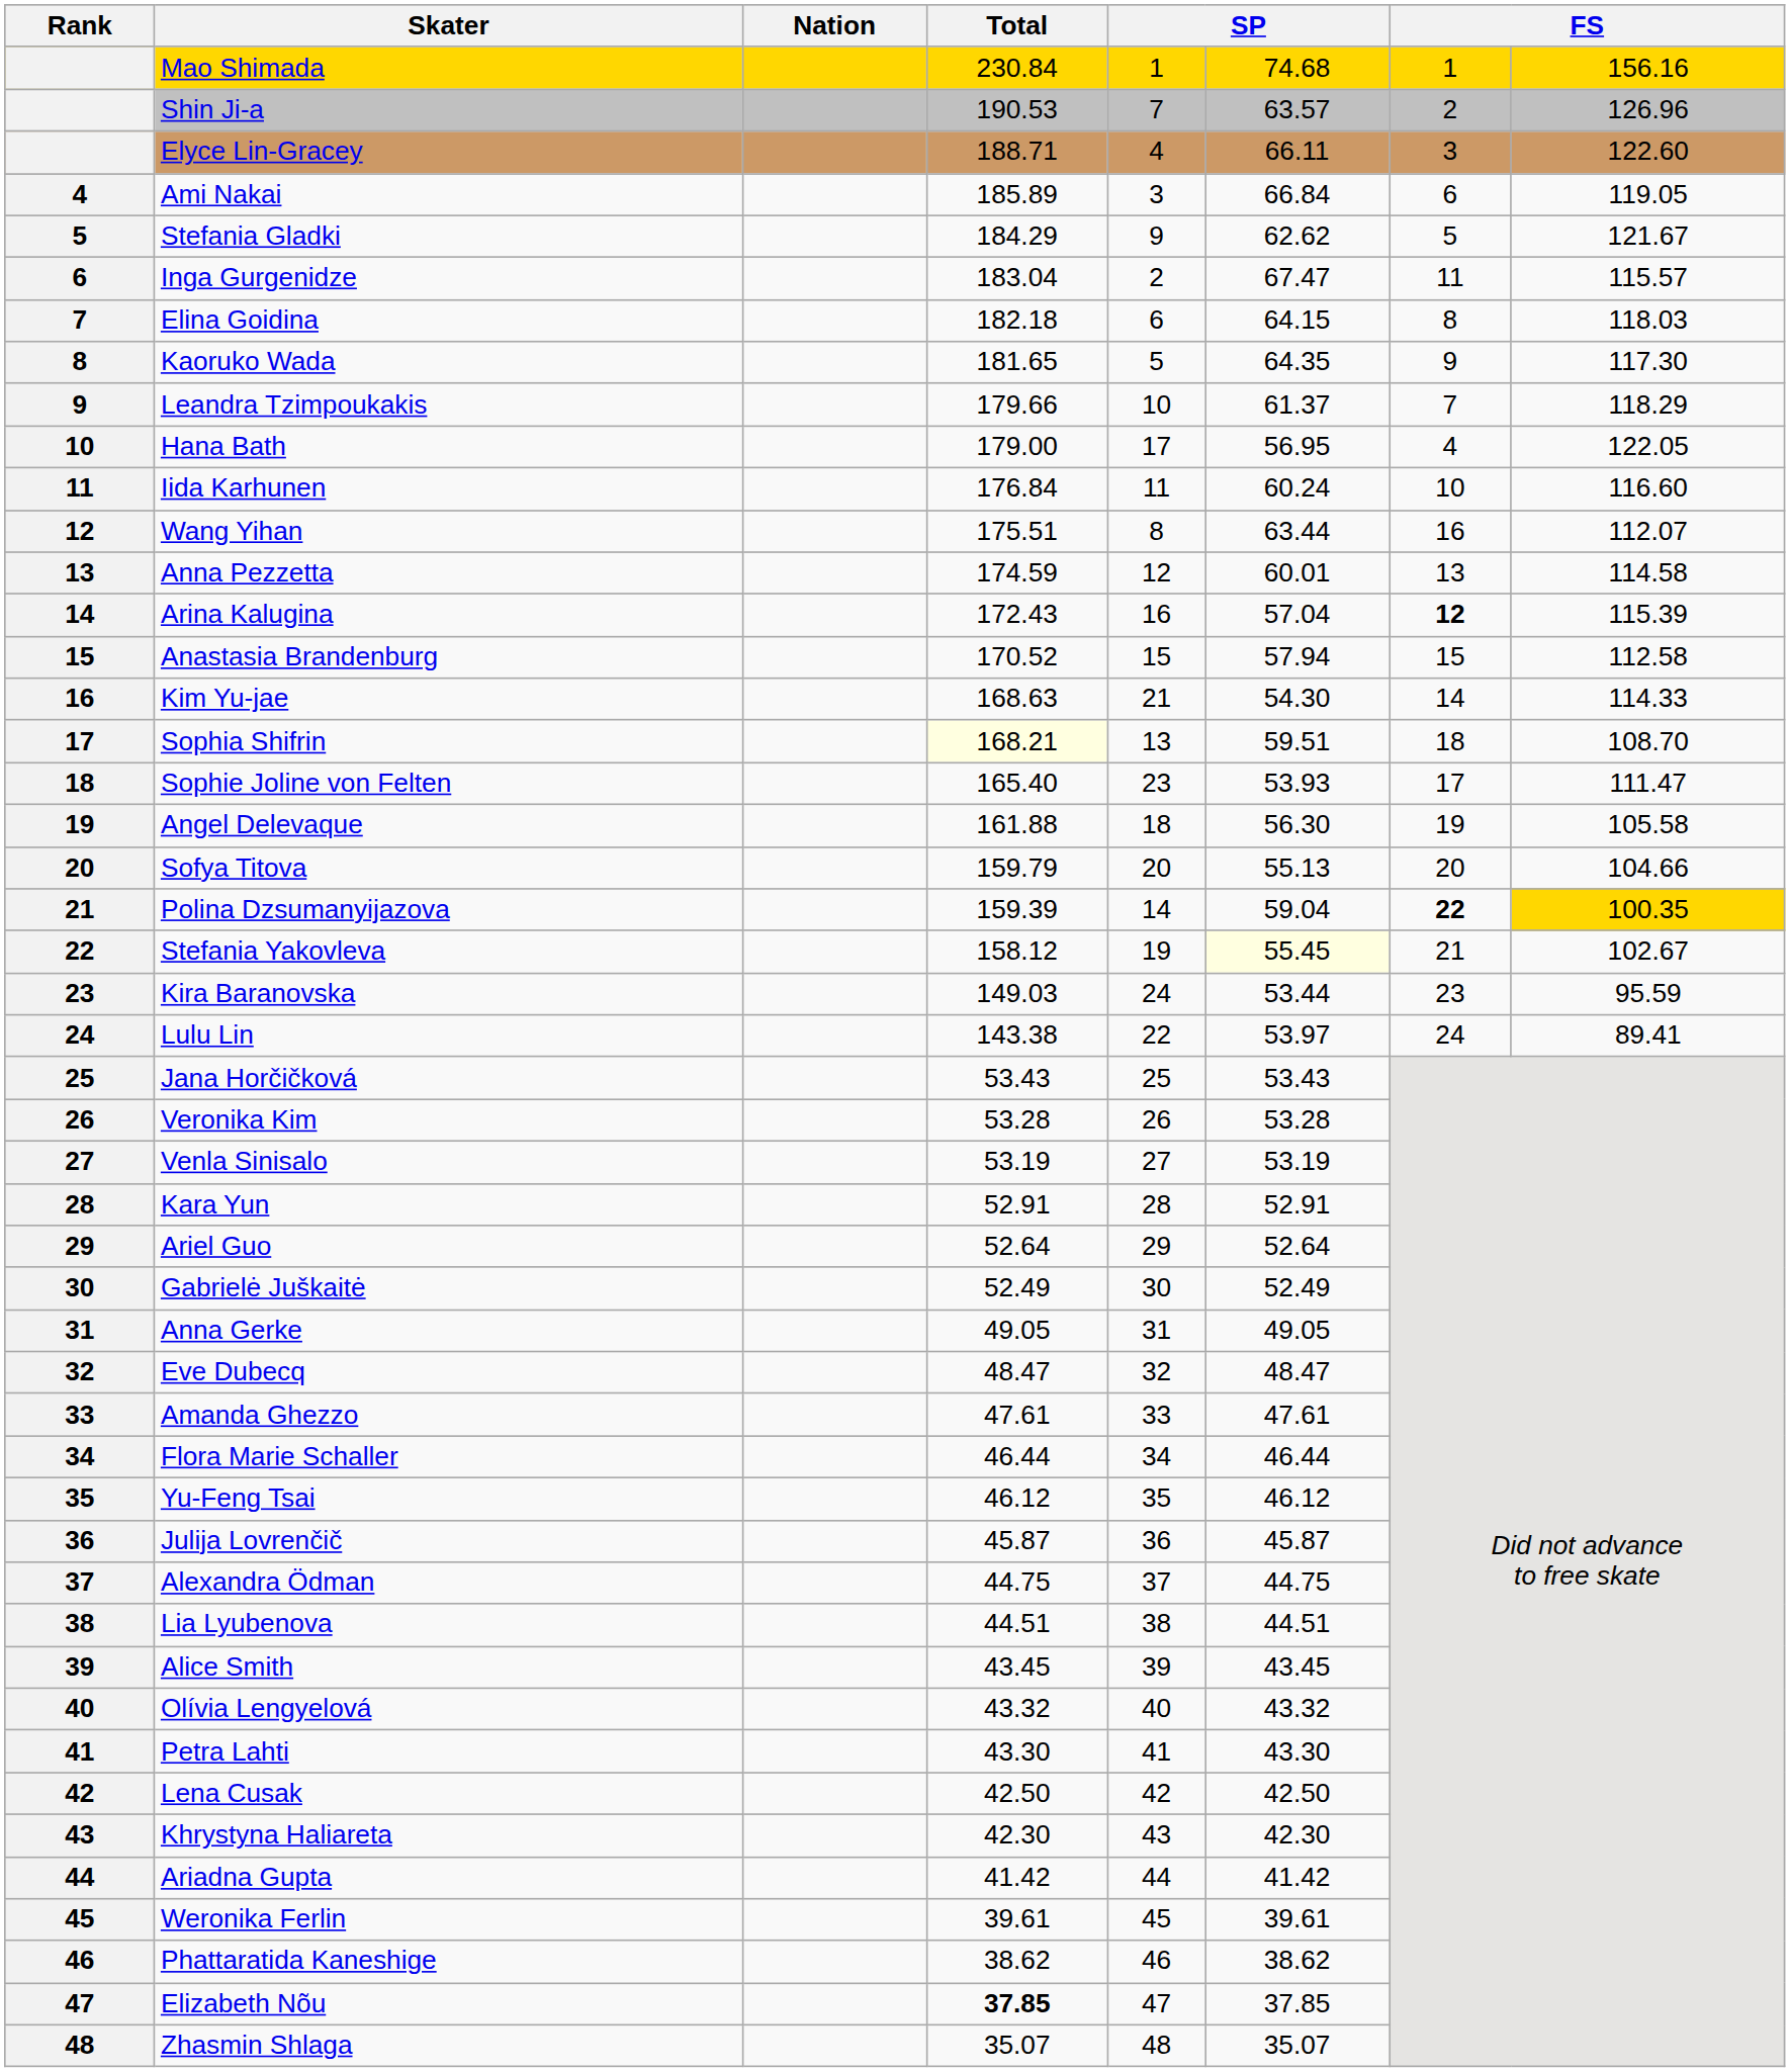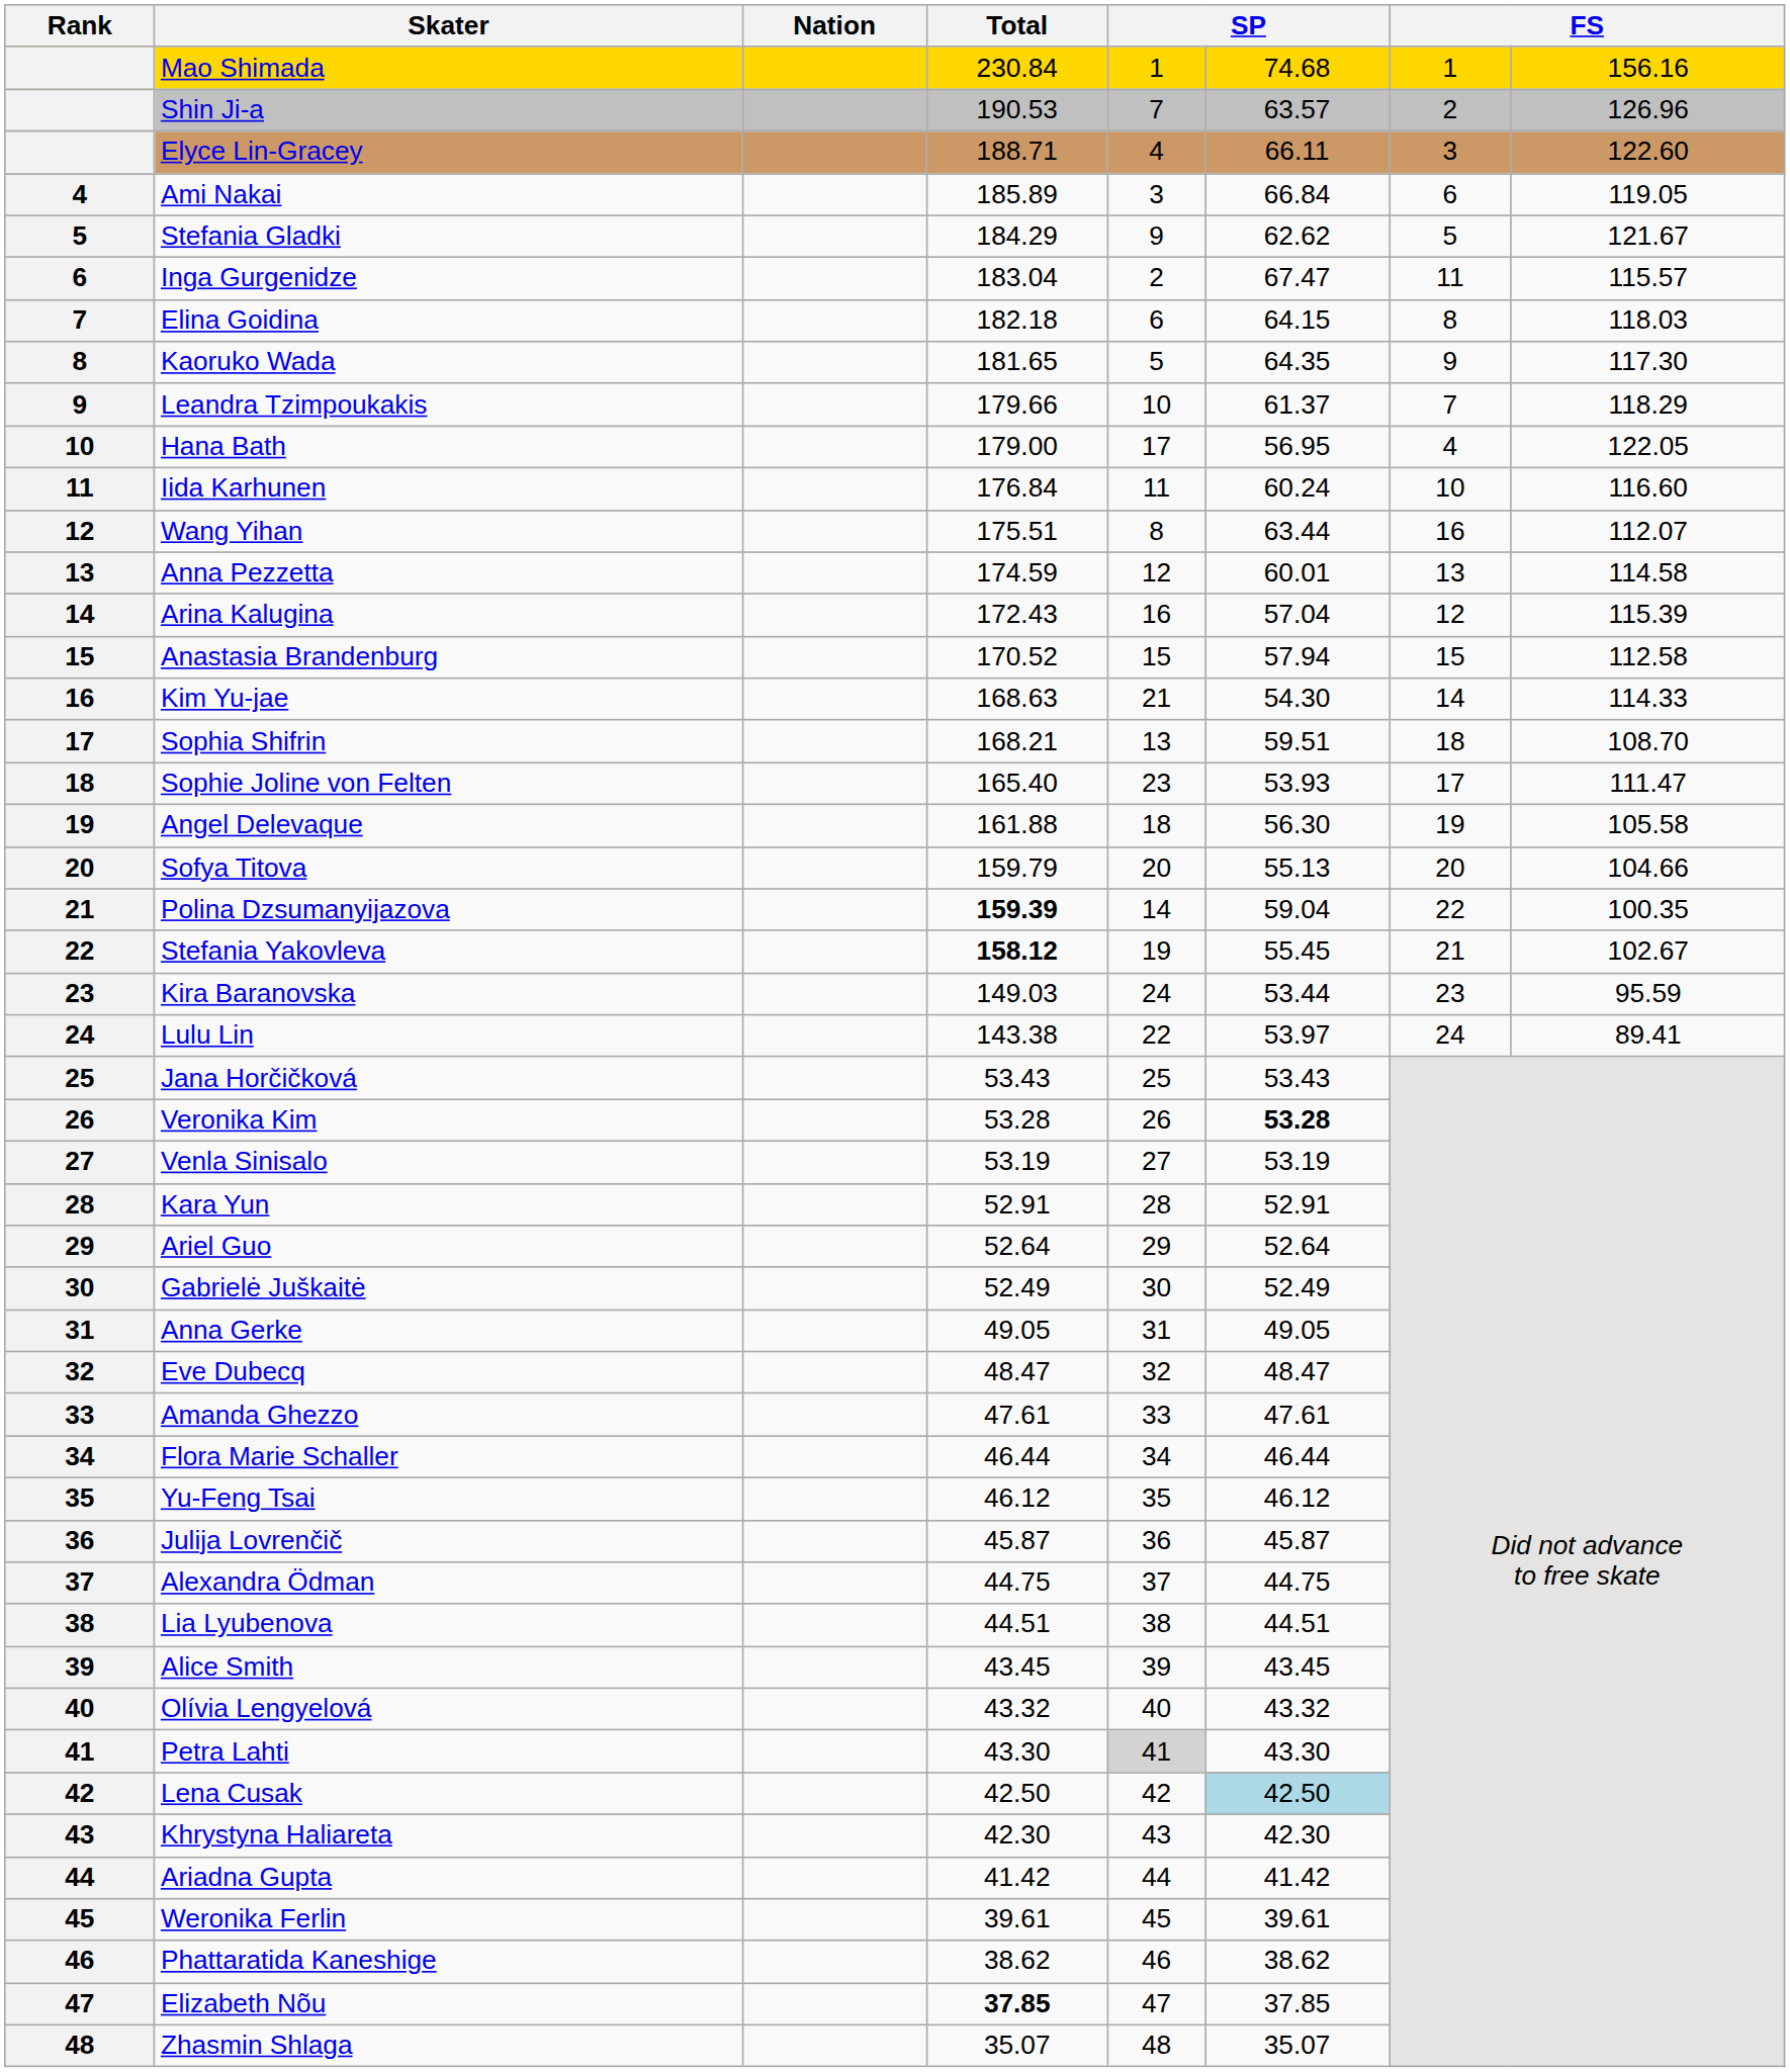 <table class="wikitable sortable" style="text-align:center; width:85%">
 <tr>
 <th scope="col">Rank</th>
 <th scope="col">Skater</th>
 <th scope="col">Nation</th>
 <th scope="col">Total</th>
 <th colspan="2" width="80px"><a href='#'>SP</a></th>
 <th colspan="2" width="80px"><a href='#'>FS</a></th>
 </tr>
 <tr bgcolor="gold">
 <th scope="row"></th>
 <td align="left"><a href='#'>Mao Shimada</a></td>
 <td align="left"></td>
 <td>230.84</td>
 <td>1</td>
 <td>74.68</td>
 <td>1</td>
 <td>156.16</td>
 </tr>
 <tr bgcolor="silver">
 <th scope="row"></th>
 <td align="left"><a href='#'>Shin Ji-a</a></td>
 <td align="left"></td>
 <td>190.53</td>
 <td>7</td>
 <td>63.57</td>
 <td>2</td>
 <td>126.96</td>
 </tr>
 <tr bgcolor="#cc9966">
 <th scope="row"></th>
 <td align="left"><a href='#'>Elyce Lin-Gracey</a></td>
 <td align="left"></td>
 <td>188.71</td>
 <td>4</td>
 <td>66.11</td>
 <td>3</td>
 <td>122.60</td>
 </tr>
 <tr>
 <th scope="row">4</th>
 <td align="left"><a href='#'>Ami Nakai</a></td>
 <td align="left"></td>
 <td>185.89</td>
 <td>3</td>
 <td>66.84</td>
 <td>6</td>
 <td>119.05</td>
 </tr>
 <tr>
 <th scope="row">5</th>
 <td align="left"><a href='#'>Stefania Gladki</a></td>
 <td align="left"></td>
 <td>184.29</td>
 <td>9</td>
 <td>62.62</td>
 <td>5</td>
 <td>121.67</td>
 </tr>
 <tr>
 <th scope="row">6</th>
 <td align="left"><a href='#'>Inga Gurgenidze</a></td>
 <td align="left"></td>
 <td>183.04</td>
 <td>2</td>
 <td>67.47</td>
 <td>11</td>
 <td>115.57</td>
 </tr>
 <tr>
 <th scope="row">7</th>
 <td align="left"><a href='#'>Elina Goidina</a></td>
 <td align="left"></td>
 <td>182.18</td>
 <td>6</td>
 <td>64.15</td>
 <td>8</td>
 <td>118.03</td>
 </tr>
 <tr>
 <th scope="row">8</th>
 <td align="left"><a href='#'>Kaoruko Wada</a></td>
 <td align="left"></td>
 <td>181.65</td>
 <td>5</td>
 <td>64.35</td>
 <td>9</td>
 <td>117.30</td>
 </tr>
 <tr>
 <th scope="row">9</th>
 <td align="left"><a href='#'>Leandra Tzimpoukakis</a></td>
 <td align="left"></td>
 <td>179.66</td>
 <td>10</td>
 <td>61.37</td>
 <td>7</td>
 <td>118.29</td>
 </tr>
 <tr>
 <th scope="row">10</th>
 <td align="left"><a href='#'>Hana Bath</a></td>
 <td align="left"></td>
 <td>179.00</td>
 <td>17</td>
 <td>56.95</td>
 <td>4</td>
 <td>122.05</td>
 </tr>
 <tr>
 <th scope="row">11</th>
 <td align="left"><a href='#'>Iida Karhunen</a></td>
 <td align="left"></td>
 <td>176.84</td>
 <td>11</td>
 <td>60.24</td>
 <td>10</td>
 <td>116.60</td>
 </tr>
 <tr>
 <th scope="row">12</th>
 <td align="left"><a href='#'>Wang Yihan</a></td>
 <td align="left"></td>
 <td>175.51</td>
 <td>8</td>
 <td>63.44</td>
 <td>16</td>
 <td>112.07</td>
 </tr>
 <tr>
 <th scope="row">13</th>
 <td align="left"><a href='#'>Anna Pezzetta</a></td>
 <td align="left"></td>
 <td>174.59</td>
 <td>12</td>
 <td>60.01</td>
 <td>13</td>
 <td>114.58</td>
 </tr>
 <tr>
 <th scope="row">14</th>
 <td align="left"><a href='#'>Arina Kalugina</a></td>
 <td align="left"></td>
 <td>172.43</td>
 <td>16</td>
 <td>57.04</td>
-<td><strong>12</strong></td>
+<td>12</td>
 <td>115.39</td>
 </tr>
 <tr>
 <th scope="row">15</th>
 <td align="left"><a href='#'>Anastasia Brandenburg</a></td>
 <td align="left"></td>
 <td>170.52</td>
 <td>15</td>
 <td>57.94</td>
 <td>15</td>
 <td>112.58</td>
 </tr>
 <tr>
 <th scope="row">16</th>
 <td align="left"><a href='#'>Kim Yu-jae</a></td>
 <td align="left"></td>
 <td>168.63</td>
 <td>21</td>
 <td>54.30</td>
 <td>14</td>
 <td>114.33</td>
 </tr>
 <tr>
 <th scope="row">17</th>
 <td align="left"><a href='#'>Sophia Shifrin</a></td>
 <td align="left"></td>
-<td style="background: lightyellow;">168.21</td>
+<td>168.21</td>
 <td>13</td>
 <td>59.51</td>
 <td>18</td>
 <td>108.70</td>
 </tr>
 <tr>
 <th scope="row">18</th>
 <td align="left"><a href='#'>Sophie Joline von Felten</a></td>
 <td align="left"></td>
 <td>165.40</td>
 <td>23</td>
 <td>53.93</td>
 <td>17</td>
 <td>111.47</td>
 </tr>
 <tr>
 <th scope="row">19</th>
 <td align="left"><a href='#'>Angel Delevaque</a></td>
 <td align="left"></td>
 <td>161.88</td>
 <td>18</td>
 <td>56.30</td>
 <td>19</td>
 <td>105.58</td>
 </tr>
 <tr>
 <th scope="row">20</th>
 <td align="left"><a href='#'>Sofya Titova</a></td>
 <td align="left"></td>
 <td>159.79</td>
 <td>20</td>
 <td>55.13</td>
 <td>20</td>
 <td>104.66</td>
 </tr>
 <tr>
 <th scope="row">21</th>
 <td align="left"><a href='#'>Polina Dzsumanyijazova</a></td>
 <td align="left"></td>
-<td>159.39</td>
+<td><strong>159.39</strong></td>
 <td>14</td>
 <td>59.04</td>
-<td><strong>22</strong></td>
-<td style="background: gold;">100.35</td>
+<td>22</td>
+<td>100.35</td>
 </tr>
 <tr>
 <th scope="row">22</th>
 <td align="left"><a href='#'>Stefania Yakovleva</a></td>
 <td align="left"></td>
-<td>158.12</td>
+<td><strong>158.12</strong></td>
 <td>19</td>
-<td style="background: lightyellow;">55.45</td>
+<td>55.45</td>
 <td>21</td>
 <td>102.67</td>
 </tr>
 <tr>
 <th scope="row">23</th>
 <td align="left"><a href='#'>Kira Baranovska</a></td>
 <td align="left"></td>
 <td>149.03</td>
 <td>24</td>
 <td>53.44</td>
 <td>23</td>
 <td>95.59</td>
 </tr>
 <tr>
 <th scope="row">24</th>
 <td align="left"><a href='#'>Lulu Lin</a></td>
 <td align="left"></td>
 <td>143.38</td>
 <td>22</td>
 <td>53.97</td>
 <td>24</td>
 <td>89.41</td>
 </tr>
 <tr>
 <th scope="row">25</th>
 <td align="left"><a href='#'>Jana Horčičková</a></td>
 <td align="left"></td>
 <td>53.43</td>
 <td>25</td>
 <td>53.43</td>
 <td colspan="2" rowspan="24" bgcolor="e5e4e2"><em>Did not advance<br>to free skate</em></td>
 </tr>
 <tr>
 <th scope="row">26</th>
 <td align="left"><a href='#'>Veronika Kim</a></td>
 <td align="left"></td>
 <td>53.28</td>
 <td>26</td>
-<td>53.28</td>
+<td><strong>53.28</strong></td>
 </tr>
 <tr>
 <th scope="row">27</th>
 <td align="left"><a href='#'>Venla Sinisalo</a></td>
 <td align="left"></td>
 <td>53.19</td>
 <td>27</td>
 <td>53.19</td>
 </tr>
 <tr>
 <th scope="row">28</th>
 <td align="left"><a href='#'>Kara Yun</a></td>
 <td align="left"></td>
 <td>52.91</td>
 <td>28</td>
 <td>52.91</td>
 </tr>
 <tr>
 <th scope="row">29</th>
 <td align="left"><a href='#'>Ariel Guo</a></td>
 <td align="left"></td>
 <td>52.64</td>
 <td>29</td>
 <td>52.64</td>
 </tr>
 <tr>
 <th scope="row">30</th>
 <td align="left"><a href='#'>Gabrielė Juškaitė</a></td>
 <td align="left"></td>
 <td>52.49</td>
 <td>30</td>
 <td>52.49</td>
 </tr>
 <tr>
 <th scope="row">31</th>
 <td align="left"><a href='#'>Anna Gerke</a></td>
 <td align="left"></td>
 <td>49.05</td>
 <td>31</td>
 <td>49.05</td>
 </tr>
 <tr>
 <th scope="row">32</th>
 <td align="left"><a href='#'>Eve Dubecq</a></td>
 <td align="left"></td>
 <td>48.47</td>
 <td>32</td>
 <td>48.47</td>
 </tr>
 <tr>
 <th scope="row">33</th>
 <td align="left"><a href='#'>Amanda Ghezzo</a></td>
 <td align="left"></td>
 <td>47.61</td>
 <td>33</td>
 <td>47.61</td>
 </tr>
 <tr>
 <th scope="row">34</th>
 <td align="left"><a href='#'>Flora Marie Schaller</a></td>
 <td align="left"></td>
 <td>46.44</td>
 <td>34</td>
 <td>46.44</td>
 </tr>
 <tr>
 <th scope="row">35</th>
 <td align="left"><a href='#'>Yu-Feng Tsai</a></td>
 <td align="left"></td>
 <td>46.12</td>
 <td>35</td>
 <td>46.12</td>
 </tr>
 <tr>
 <th scope="row">36</th>
 <td align="left"><a href='#'>Julija Lovrenčič</a></td>
 <td align="left"></td>
 <td>45.87</td>
 <td>36</td>
 <td>45.87</td>
 </tr>
 <tr>
 <th scope="row">37</th>
 <td align="left"><a href='#'>Alexandra Ödman</a></td>
 <td align="left"></td>
 <td>44.75</td>
 <td>37</td>
 <td>44.75</td>
 </tr>
 <tr>
 <th scope="row">38</th>
 <td align="left"><a href='#'>Lia Lyubenova</a></td>
 <td align="left"></td>
 <td>44.51</td>
 <td>38</td>
 <td>44.51</td>
 </tr>
 <tr>
 <th scope="row">39</th>
 <td align="left"><a href='#'>Alice Smith</a></td>
 <td align="left"></td>
 <td>43.45</td>
 <td>39</td>
 <td>43.45</td>
 </tr>
 <tr>
 <th scope="row">40</th>
 <td align="left"><a href='#'>Olívia Lengyelová</a></td>
 <td align="left"></td>
 <td>43.32</td>
 <td>40</td>
 <td>43.32</td>
 </tr>
 <tr>
 <th scope="row">41</th>
 <td align="left"><a href='#'>Petra Lahti</a></td>
 <td align="left"></td>
 <td>43.30</td>
-<td>41</td>
+<td style="background: lightgrey;">41</td>
 <td>43.30</td>
 </tr>
 <tr>
 <th scope="row">42</th>
 <td align="left"><a href='#'>Lena Cusak</a></td>
 <td align="left"></td>
 <td>42.50</td>
 <td>42</td>
-<td>42.50</td>
+<td style="background: lightblue;">42.50</td>
 </tr>
 <tr>
 <th scope="row">43</th>
 <td align="left"><a href='#'>Khrystyna Haliareta</a></td>
 <td align="left"></td>
 <td>42.30</td>
 <td>43</td>
 <td>42.30</td>
 </tr>
 <tr>
 <th scope="row">44</th>
 <td align="left"><a href='#'>Ariadna Gupta</a></td>
 <td align="left"></td>
 <td>41.42</td>
 <td>44</td>
 <td>41.42</td>
 </tr>
 <tr>
 <th scope="row">45</th>
 <td align="left"><a href='#'>Weronika Ferlin</a></td>
 <td align="left"></td>
 <td>39.61</td>
 <td>45</td>
 <td>39.61</td>
 </tr>
 <tr>
 <th scope="row">46</th>
 <td align="left"><a href='#'>Phattaratida Kaneshige</a></td>
 <td align="left"></td>
 <td>38.62</td>
 <td>46</td>
 <td>38.62</td>
 </tr>
 <tr>
 <th scope="row">47</th>
 <td align="left"><a href='#'>Elizabeth Nõu</a></td>
 <td align="left"></td>
 <td><strong>37.85</strong></td>
 <td>47</td>
 <td>37.85</td>
 </tr>
 <tr>
 <th scope="row">48</th>
 <td align="left"><a href='#'>Zhasmin Shlaga</a></td>
 <td align="left"></td>
 <td>35.07</td>
 <td>48</td>
 <td>35.07</td>
 </tr>
 </table>
